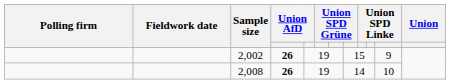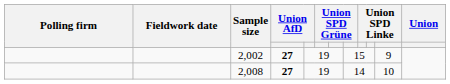 <table class="wikitable sortable mw-datatable" style="text-align:center;font-size:90%;line-height:14px;">
 <tr style="height:40px;">
 <th style="width:160px;" rowspan="2">Polling firm</th>
 <th style="width:120px;" rowspan="2">Fieldwork date</th>
 <th style="width:35px;" rowspan="2">Sample<br>size</th>
 <th class="unsortable" style="width:50px;" colspan="2"><a href='#'>Union</a><br><a href='#'>AfD</a></th>
 <th class="unsortable" style="width:50px;" colspan="3"><a href='#'>Union<br>SPD<br>Grüne</a></th>
 <th class="unsortable" style="width:50px;" colspan="3">Union<br>SPD<br>Linke</th>
 <th class="unsortable" style="width:50px;" colspan="1"><a href='#'>Union</a></th>
 </tr>
 <tr>
 <th style="background:"></th>
 <th style="background:"></th>
 <th style="background:"></th>
 <th style="background:"></th>
 <th style="background:"></th>
 <th style="background:"></th>
 <th style="background:"></th>
 <th style="background:"></th>
 <th style="background:"></th>
 </tr>
 <tr>
 <td></td>
 <td></td>
 <td>2,002</td>
-<td><strong>26</strong></td>
+<td><strong>27</strong></td>
 <td colspan="3">19</td>
 <td colspan="3">15</td>
 <td>9</td>
 </tr>
 <tr>
 <td></td>
 <td></td>
 <td>2,008</td>
-<td><strong>26</strong></td>
+<td><strong>27</strong></td>
 <td colspan="3">19</td>
 <td colspan="3">14</td>
 <td>10</td>
 </tr>
 </table>
